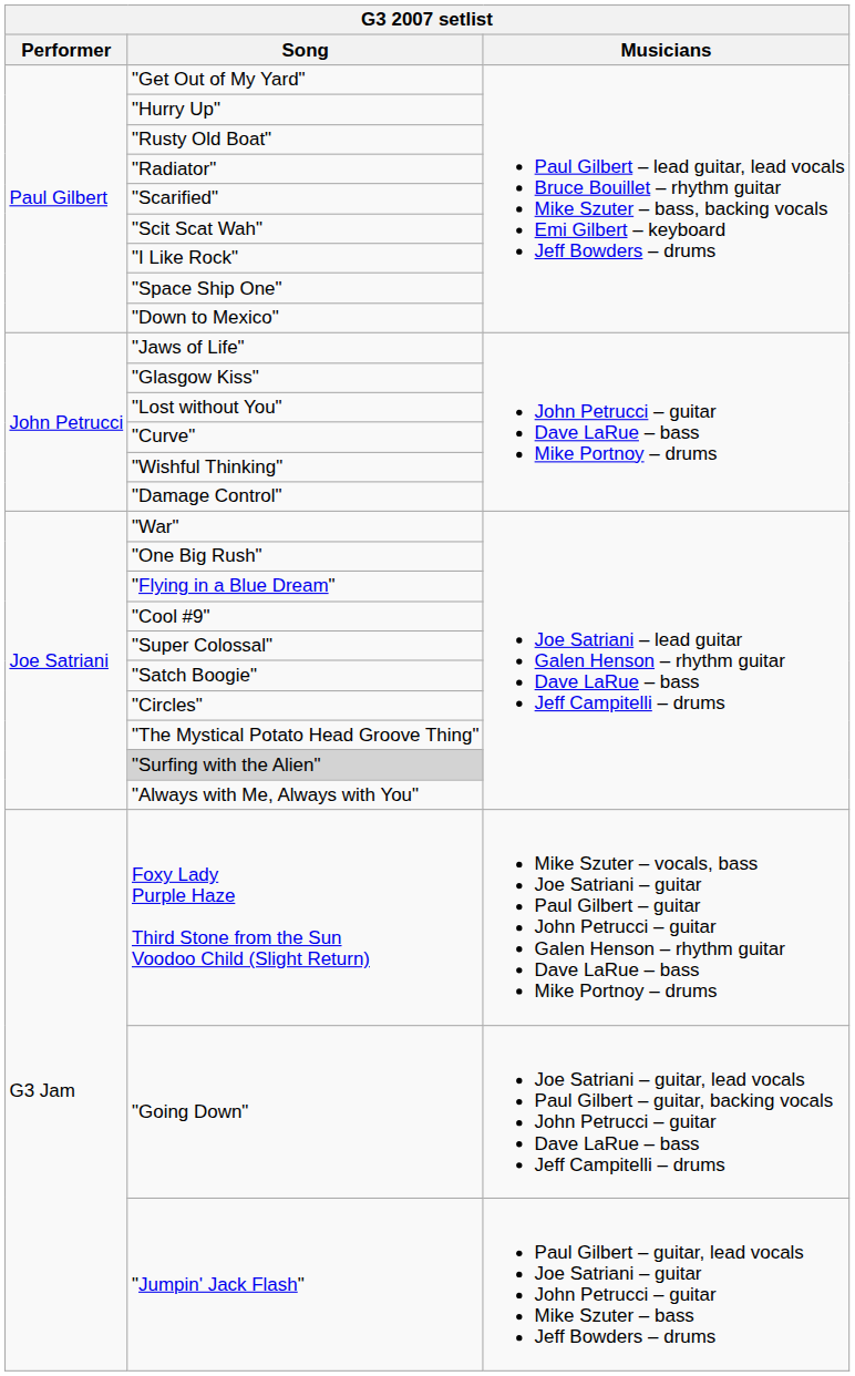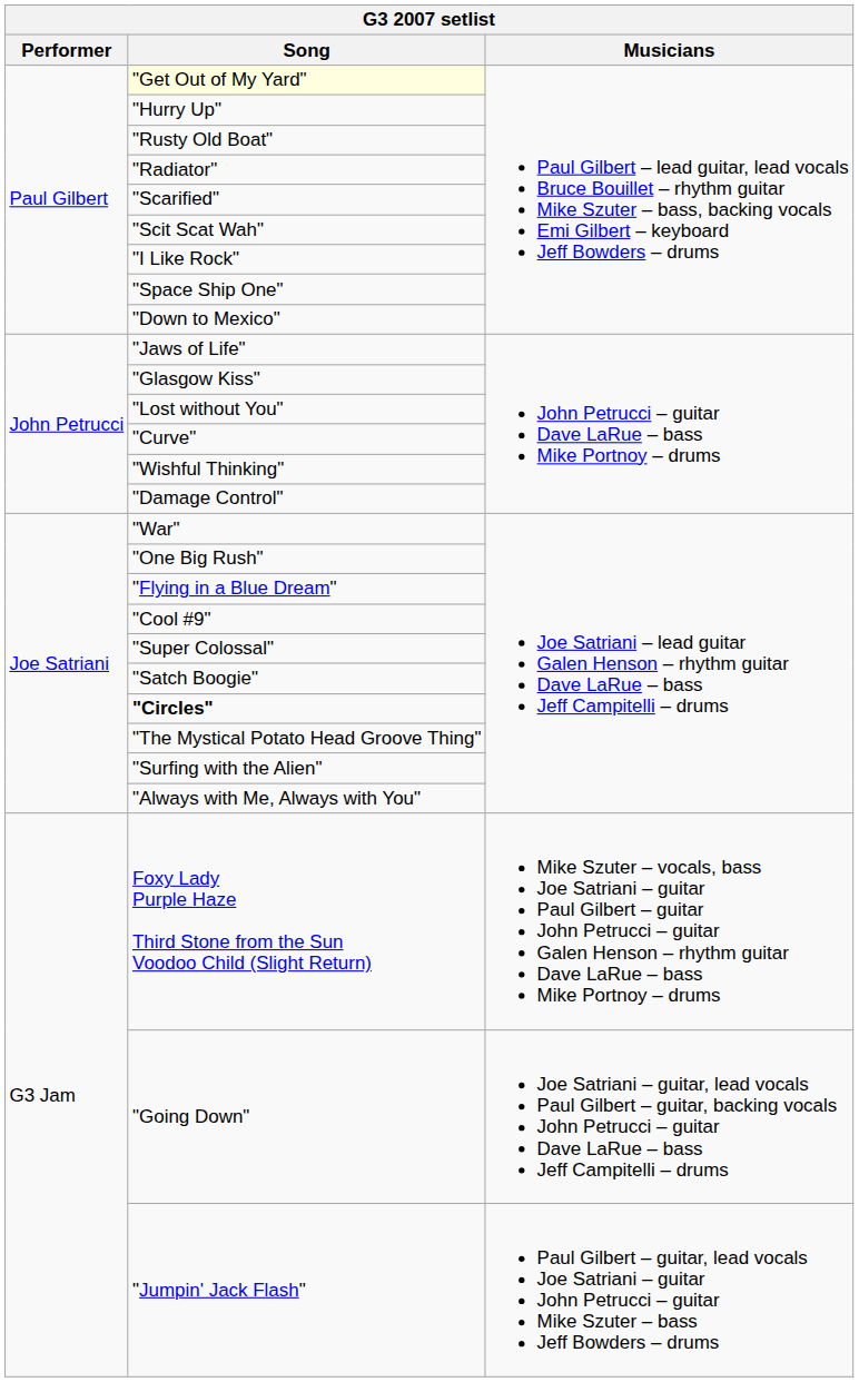 <table class="wikitable collapsible collapsed">
 <tr>
 <th colspan="3">G3 2007 setlist</th>
 </tr>
 <tr>
 <th>Performer</th>
 <th>Song</th>
 <th>Musicians</th>
 </tr>
 <tr>
 <td rowspan=9><a href='#'>Paul Gilbert</a></td>
-<td>"Get Out of My Yard"</td>
+<td style="background: lightyellow;">"Get Out of My Yard"</td>
 <td rowspan=9><br><ul><li><a href='#'>Paul Gilbert</a> – lead guitar, lead vocals</li><li><a href='#'>Bruce Bouillet</a> – rhythm guitar</li><li><a href='#'>Mike Szuter</a> – bass, backing vocals</li><li><a href='#'>Emi Gilbert</a> – keyboard</li><li><a href='#'>Jeff Bowders</a> – drums</li></ul></td>
 </tr>
 <tr>
 <td>"Hurry Up"</td>
 </tr>
 <tr>
 <td>"Rusty Old Boat"</td>
 </tr>
 <tr>
 <td>"Radiator"</td>
 </tr>
 <tr>
 <td>"Scarified"</td>
 </tr>
 <tr>
 <td>"Scit Scat Wah"</td>
 </tr>
 <tr>
 <td>"I Like Rock"</td>
 </tr>
 <tr>
 <td>"Space Ship One"</td>
 </tr>
 <tr>
 <td>"Down to Mexico"</td>
 </tr>
 <tr>
 <td rowspan=6><a href='#'>John Petrucci</a></td>
 <td>"Jaws of Life"</td>
 <td rowspan=6><br><ul><li><a href='#'>John Petrucci</a> – guitar</li><li><a href='#'>Dave LaRue</a> – bass</li><li><a href='#'>Mike Portnoy</a> – drums</li></ul></td>
 </tr>
 <tr>
 <td>"Glasgow Kiss"</td>
 </tr>
 <tr>
 <td>"Lost without You"</td>
 </tr>
 <tr>
 <td>"Curve"</td>
 </tr>
 <tr>
 <td>"Wishful Thinking"</td>
 </tr>
 <tr>
 <td>"Damage Control"</td>
 </tr>
 <tr>
 <td rowspan=10><a href='#'>Joe Satriani</a></td>
 <td>"War"</td>
 <td rowspan=10><br><ul><li><a href='#'>Joe Satriani</a> – lead guitar</li><li><a href='#'>Galen Henson</a> – rhythm guitar</li><li><a href='#'>Dave LaRue</a> – bass</li><li><a href='#'>Jeff Campitelli</a> – drums</li></ul></td>
 </tr>
 <tr>
 <td>"One Big Rush"</td>
 </tr>
 <tr>
 <td>"<a href='#'>Flying in a Blue Dream</a>"</td>
 </tr>
 <tr>
 <td>"Cool #9"</td>
 </tr>
 <tr>
 <td>"Super Colossal"</td>
 </tr>
 <tr>
 <td>"Satch Boogie"</td>
 </tr>
 <tr>
-<td>"Circles"</td>
+<td><strong>"Circles"</strong></td>
 </tr>
 <tr>
 <td>"The Mystical Potato Head Groove Thing"</td>
 </tr>
 <tr>
-<td style="background: lightgrey;">"Surfing with the Alien"</td>
+<td>"Surfing with the Alien"</td>
 </tr>
 <tr>
 <td>"Always with Me, Always with You"</td>
 </tr>
 <tr>
 <td rowspan=3>G3 Jam</td>
 <td><a href='#'>Foxy Lady</a><br><a href='#'>Purple Haze</a><br><br><a href='#'>Third Stone from the Sun</a><br> <a href='#'>Voodoo Child (Slight Return)</a></td>
 <td><br><ul><li>Mike Szuter – vocals, bass</li><li>Joe Satriani – guitar</li><li>Paul Gilbert – guitar</li><li>John Petrucci – guitar</li><li>Galen Henson – rhythm guitar</li><li>Dave LaRue – bass</li><li>Mike Portnoy – drums</li></ul></td>
 </tr>
 <tr>
 <td>"Going Down"</td>
 <td><br><ul><li>Joe Satriani – guitar, lead vocals</li><li>Paul Gilbert – guitar, backing vocals</li><li>John Petrucci – guitar</li><li>Dave LaRue – bass</li><li>Jeff Campitelli – drums</li></ul></td>
 </tr>
 <tr>
 <td>"<a href='#'>Jumpin' Jack Flash</a>"</td>
 <td><br><ul><li>Paul Gilbert – guitar, lead vocals</li><li>Joe Satriani – guitar</li><li>John Petrucci – guitar</li><li>Mike Szuter – bass</li><li>Jeff Bowders – drums</li></ul></td>
 </tr>
 </table>
